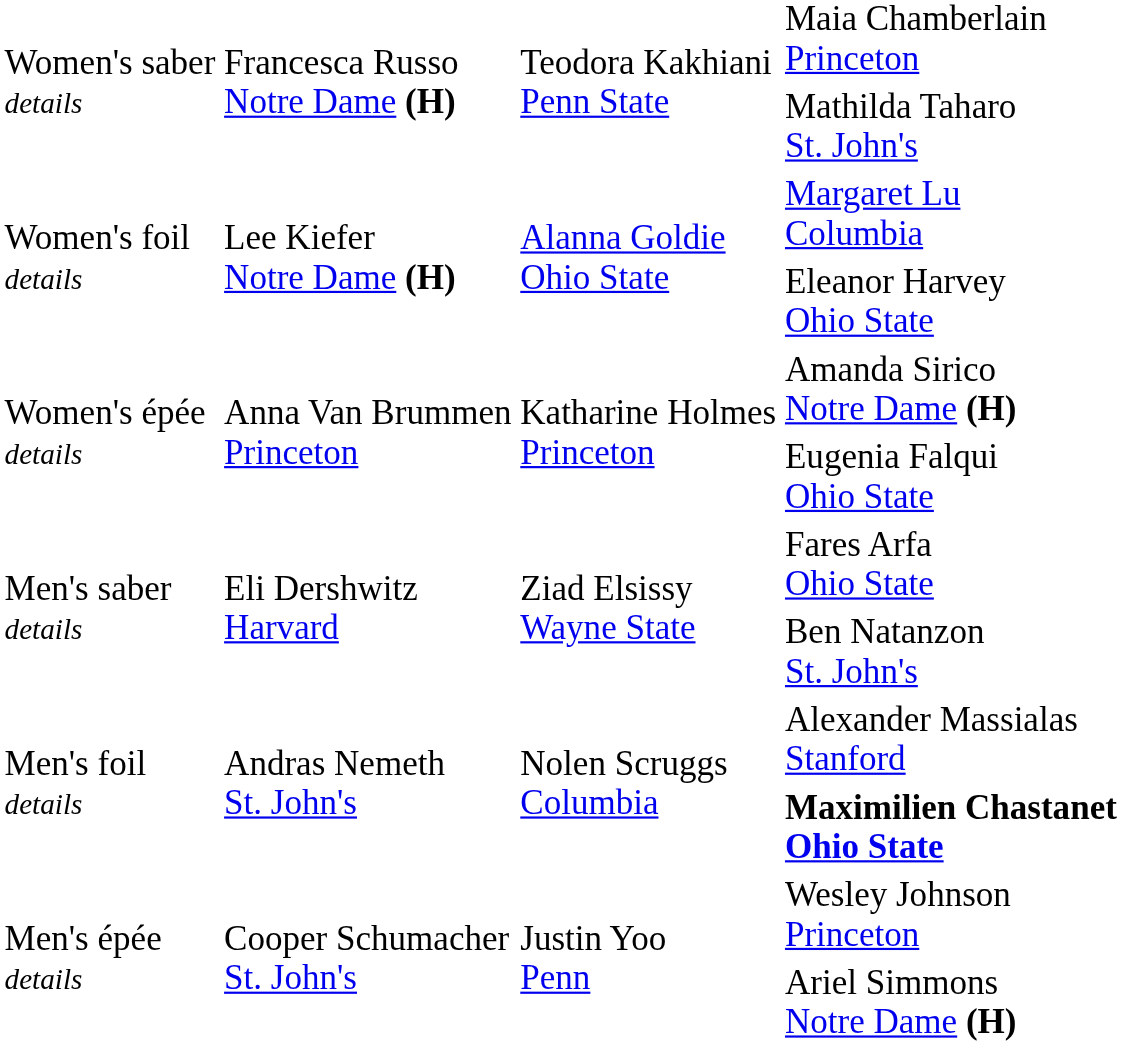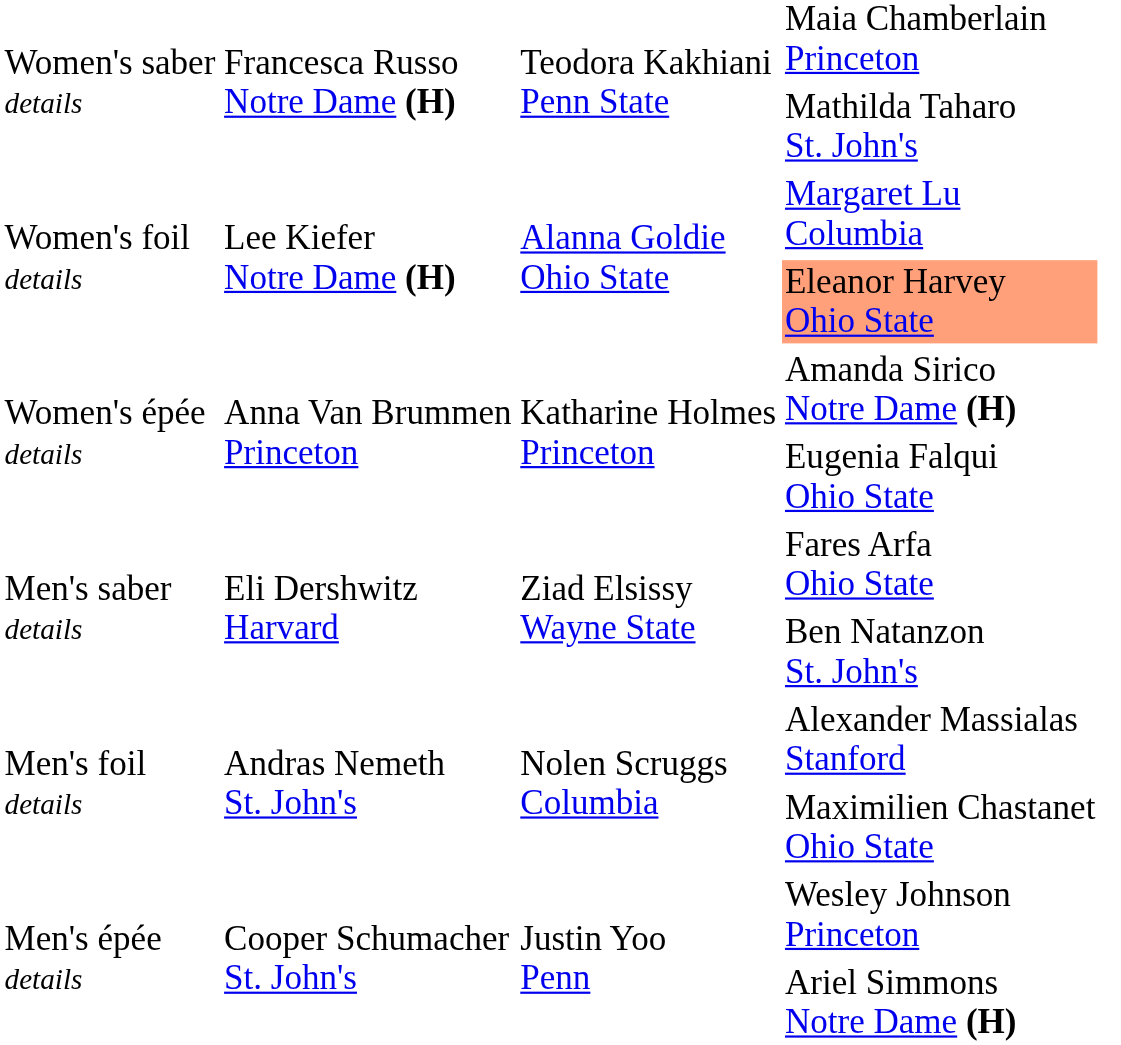 <table>
 <tr>
 <td rowspan=2>Women's saber<br><small><em>details</em></small></td>
 <td rowspan=2>Francesca Russo<br> <a href='#'>Notre Dame</a> <strong>(H)</strong></td>
 <td rowspan=2>Teodora Kakhiani<br> <a href='#'>Penn State</a></td>
 <td>Maia Chamberlain<br> <a href='#'>Princeton</a></td>
 </tr>
 <tr>
 <td>Mathilda Taharo<br> <a href='#'>St. John's</a></td>
 </tr>
 <tr>
 <td rowspan=2>Women's foil<br><small><em>details</em></small></td>
 <td rowspan=2>Lee Kiefer<br> <a href='#'>Notre Dame</a> <strong>(H)</strong></td>
 <td rowspan=2><a href='#'>Alanna Goldie</a><br> <a href='#'>Ohio State</a></td>
 <td><a href='#'>Margaret Lu</a><br> <a href='#'>Columbia</a></td>
 </tr>
 <tr>
-<td>Eleanor Harvey<br> <a href='#'>Ohio State</a></td>
+<td style="background: lightsalmon;">Eleanor Harvey<br> <a href='#'>Ohio State</a></td>
 </tr>
 <tr>
 <td rowspan=2>Women's épée<br><small><em>details</em></small></td>
 <td rowspan=2>Anna Van Brummen<br> <a href='#'>Princeton</a></td>
 <td rowspan=2>Katharine Holmes<br> <a href='#'>Princeton</a></td>
 <td>Amanda Sirico<br> <a href='#'>Notre Dame</a> <strong>(H)</strong></td>
 </tr>
 <tr>
 <td>Eugenia Falqui<br> <a href='#'>Ohio State</a></td>
 </tr>
 <tr>
 <td rowspan=2>Men's saber<br><small><em>details</em></small></td>
 <td rowspan=2>Eli Dershwitz<br> <a href='#'>Harvard</a></td>
 <td rowspan=2>Ziad Elsissy<br> <a href='#'>Wayne State</a></td>
 <td>Fares Arfa<br> <a href='#'>Ohio State</a></td>
 </tr>
 <tr>
 <td>Ben Natanzon<br> <a href='#'>St. John's</a></td>
 </tr>
 <tr>
 <td rowspan=2>Men's foil<br><small><em>details</em></small></td>
 <td rowspan=2>Andras Nemeth<br> <a href='#'>St. John's</a></td>
 <td rowspan=2>Nolen Scruggs<br> <a href='#'>Columbia</a></td>
 <td>Alexander Massialas<br> <a href='#'>Stanford</a></td>
 </tr>
 <tr>
-<td><strong>Maximilien Chastanet<br> <a href='#'>Ohio State</a></strong></td>
+<td>Maximilien Chastanet<br> <a href='#'>Ohio State</a></td>
 </tr>
 <tr>
 <td rowspan=2>Men's épée<br><small><em>details</em></small></td>
 <td rowspan=2>Cooper Schumacher<br> <a href='#'>St. John's</a></td>
 <td rowspan=2>Justin Yoo<br> <a href='#'>Penn</a></td>
 <td>Wesley Johnson<br> <a href='#'>Princeton</a></td>
 </tr>
 <tr>
 <td>Ariel Simmons<br> <a href='#'>Notre Dame</a> <strong>(H)</strong></td>
 </tr>
 </table>
